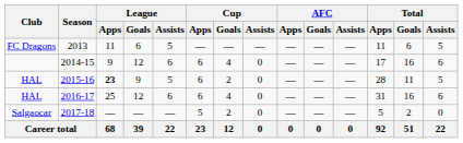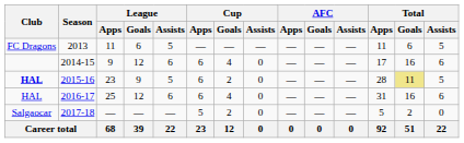 <table class="wikitable" style="font-size:90%; text-align:center;">
 <tr>
 <th rowspan="2">Club</th>
 <th rowspan="2">Season</th>
 <th colspan="3">League</th>
 <th colspan="3">Cup</th>
 <th colspan="3"><a href='#'>AFC</a></th>
 <th colspan="3">Total</th>
 </tr>
 <tr>
 <th>Apps</th>
 <th>Goals</th>
 <th>Assists</th>
 <th>Apps</th>
 <th>Goals</th>
 <th>Assists</th>
 <th>Apps</th>
 <th>Goals</th>
 <th>Assists</th>
 <th>Apps</th>
 <th>Goals</th>
 <th>Assists</th>
 </tr>
 <tr>
 <td rowspan="1"><a href='#'>FC Dragons</a></td>
 <td>2013</td>
 <td>11</td>
 <td>6</td>
 <td>5</td>
 <td>—</td>
 <td>—</td>
 <td>—</td>
 <td>—</td>
 <td>—</td>
 <td>—</td>
 <td>11</td>
 <td>6</td>
 <td>5</td>
 </tr>
 <tr>
 <td rowspan="1"></td>
 <td>2014-15</td>
 <td>9</td>
 <td>12</td>
 <td>6</td>
 <td>6</td>
 <td>4</td>
 <td>0</td>
 <td>—</td>
 <td>—</td>
 <td>—</td>
 <td>17</td>
 <td>16</td>
 <td>6</td>
 </tr>
 <tr>
-<td rowspan="1"><a href='#'>HAL</a></td>
+<td rowspan="1"><strong><a href='#'>HAL</a></strong></td>
 <td><a href='#'>2015-16</a></td>
-<td><strong>23</strong></td>
+<td>23</td>
 <td>9</td>
 <td>5</td>
 <td>6</td>
 <td>2</td>
 <td>0</td>
 <td>—</td>
 <td>—</td>
 <td>—</td>
 <td>28</td>
-<td>11</td>
+<td style="background: khaki;">11</td>
 <td>5</td>
 </tr>
 <tr>
 <td rowspan="1"><a href='#'>HAL</a></td>
 <td><a href='#'>2016-17</a></td>
 <td>25</td>
 <td>12</td>
 <td>6</td>
 <td>6</td>
 <td>4</td>
 <td>0</td>
 <td>—</td>
 <td>—</td>
 <td>—</td>
 <td>31</td>
 <td>16</td>
 <td>6</td>
 </tr>
 <tr>
 <td rowspan="1"><a href='#'>Salgaocar</a></td>
 <td><a href='#'>2017-18</a></td>
 <td>—</td>
 <td>—</td>
 <td>—</td>
 <td>5</td>
 <td>2</td>
 <td>0</td>
 <td>—</td>
 <td>—</td>
 <td>—</td>
 <td>5</td>
 <td>2</td>
 <td>0</td>
 </tr>
 <tr>
 <th colspan="2">Career total</th>
 <th>68</th>
 <th>39</th>
 <th>22</th>
 <th>23</th>
 <th>12</th>
 <th>0</th>
 <th>0</th>
 <th>0</th>
 <th>0</th>
 <th>92</th>
 <th>51</th>
 <th>22</th>
 </tr>
 </table>
